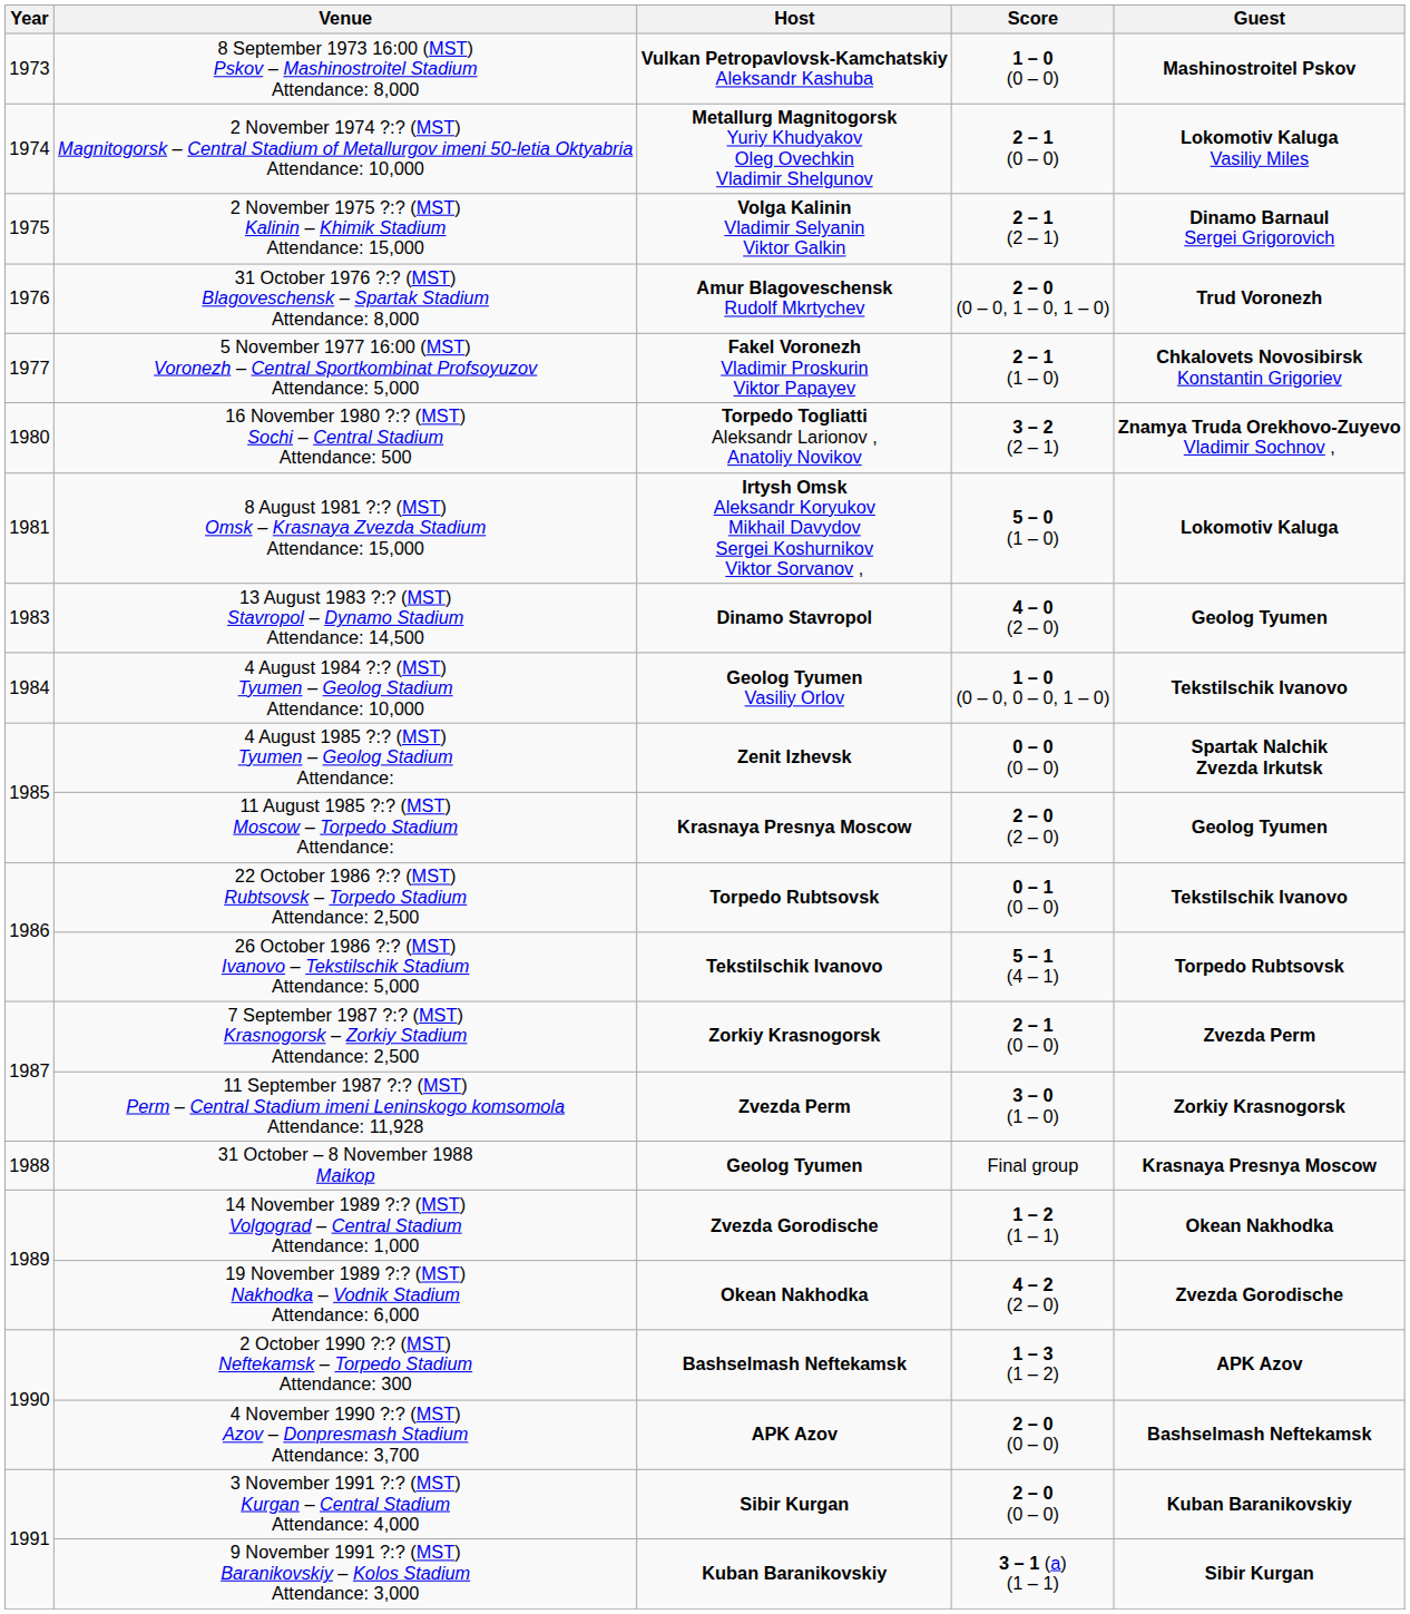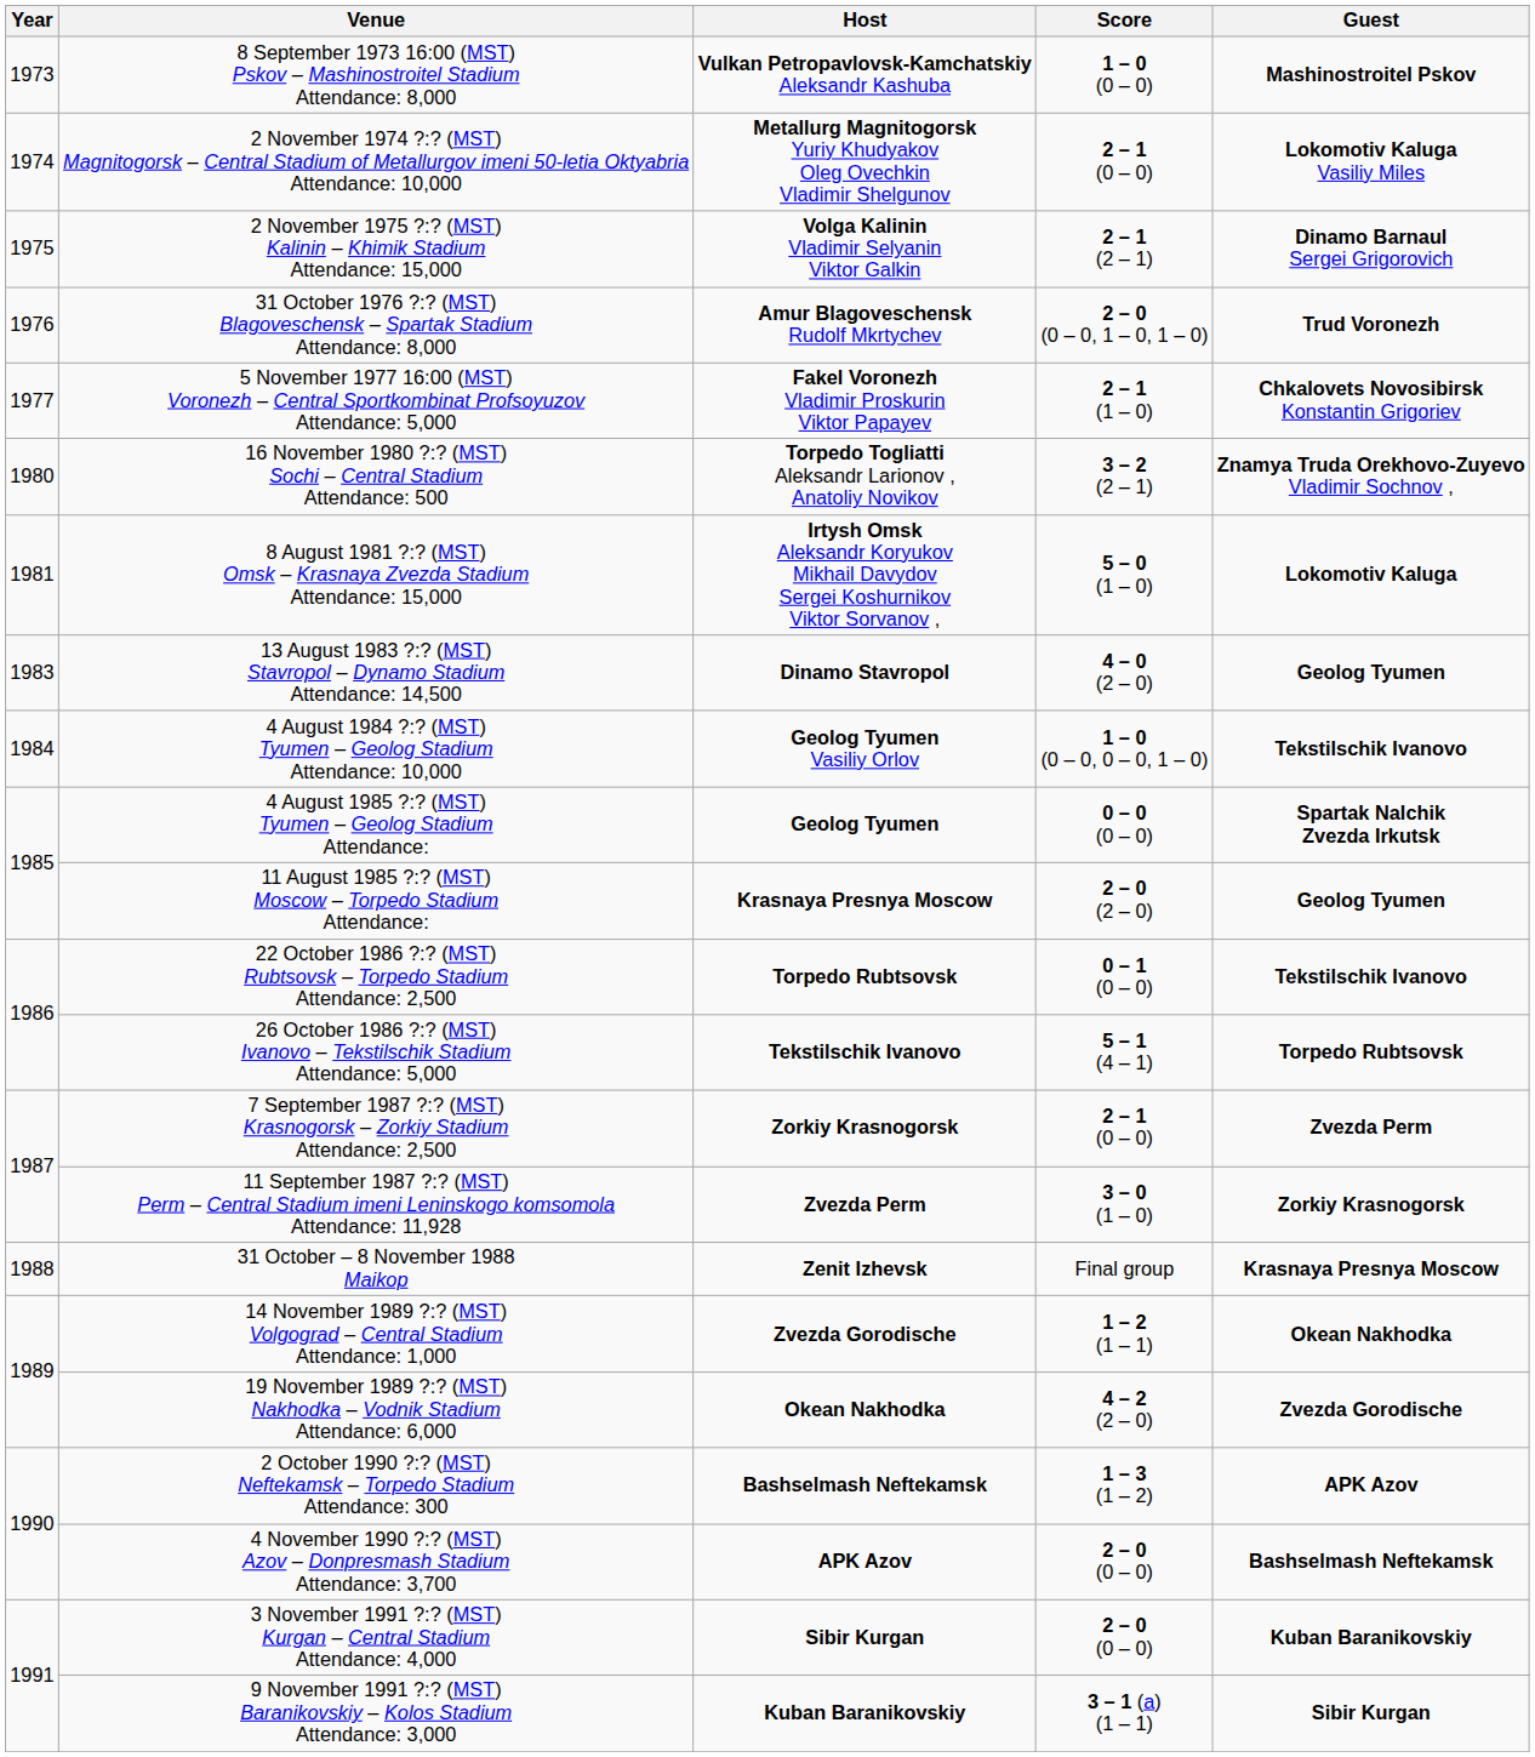 <table class="wikitable" style="text-align: center;">
 <tr>
 <th>Year</th>
 <th>Venue</th>
 <th>Host </th>
 <th>Score</th>
 <th>Guest </th>
 </tr>
 <tr>
 <td>1973</td>
 <td>8 September 1973 16:00 (<a href='#'>MST</a>) <br> <em><a href='#'>Pskov</a> – <a href='#'>Mashinostroitel Stadium</a></em> <br>Attendance: 8,000</td>
 <td><strong>Vulkan Petropavlovsk-Kamchatskiy</strong> <br><a href='#'>Aleksandr Kashuba</a> </td>
 <td><strong>1 – 0</strong><br> (0 – 0)<br></td>
 <td><strong>Mashinostroitel Pskov</strong> <br></td>
 </tr>
 <tr>
 <td>1974</td>
 <td>2 November 1974 ?:? (<a href='#'>MST</a>) <br> <em><a href='#'>Magnitogorsk</a> – <a href='#'>Central Stadium of Metallurgov imeni 50-letia Oktyabria</a></em> <br>Attendance: 10,000</td>
 <td><strong>Metallurg Magnitogorsk</strong> <br><a href='#'>Yuriy Khudyakov</a> <br><a href='#'>Oleg Ovechkin</a> <br><a href='#'>Vladimir Shelgunov</a> </td>
 <td><strong>2 – 1</strong><br> (0 – 0)<br></td>
 <td><strong>Lokomotiv Kaluga</strong> <br><a href='#'>Vasiliy Miles</a> </td>
 </tr>
 <tr>
 <td>1975</td>
 <td>2 November 1975 ?:? (<a href='#'>MST</a>) <br> <em><a href='#'>Kalinin</a> – <a href='#'>Khimik Stadium</a></em> <br>Attendance: 15,000</td>
 <td><strong>Volga Kalinin</strong> <br><a href='#'>Vladimir Selyanin</a> <br><a href='#'>Viktor Galkin</a> </td>
 <td><strong>2 – 1</strong><br> (2 – 1)<br></td>
 <td><strong>Dinamo Barnaul</strong> <br><a href='#'>Sergei Grigorovich</a> </td>
 </tr>
 <tr>
 <td>1976</td>
 <td>31 October 1976 ?:? (<a href='#'>MST</a>) <br> <em><a href='#'>Blagoveschensk</a> – <a href='#'>Spartak Stadium</a></em> <br>Attendance: 8,000</td>
 <td><strong>Amur Blagoveschensk</strong> <br><a href='#'>Rudolf Mkrtychev</a> </td>
 <td><strong>2 – 0</strong> <br> (0 – 0, 1 – 0, 1 – 0)<br></td>
 <td><strong>Trud Voronezh</strong> <br></td>
 </tr>
 <tr>
 <td>1977</td>
 <td>5 November 1977 16:00 (<a href='#'>MST</a>) <br> <em><a href='#'>Voronezh</a> – <a href='#'>Central Sportkombinat Profsoyuzov</a></em> <br>Attendance: 5,000</td>
 <td><strong>Fakel Voronezh</strong> <br><a href='#'>Vladimir Proskurin</a> <br><a href='#'>Viktor Papayev</a> </td>
 <td><strong>2 – 1</strong><br> (1 – 0)<br></td>
 <td><strong>Chkalovets Novosibirsk</strong> <br><a href='#'>Konstantin Grigoriev</a> </td>
 </tr>
 <tr>
 <td>1980</td>
 <td>16 November 1980 ?:? (<a href='#'>MST</a>) <br> <em><a href='#'>Sochi</a> – <a href='#'>Central Stadium</a></em> <br>Attendance: 500</td>
 <td><strong>Torpedo Togliatti</strong> <br>Aleksandr Larionov , <br><a href='#'>Anatoliy Novikov</a> </td>
 <td><strong>3 – 2</strong><br> (2 – 1)<br></td>
 <td><strong>Znamya Truda Orekhovo-Zuyevo</strong> <br><a href='#'>Vladimir Sochnov</a> , </td>
 </tr>
 <tr>
 <td>1981</td>
 <td>8 August 1981 ?:? (<a href='#'>MST</a>) <br> <em><a href='#'>Omsk</a> – <a href='#'>Krasnaya Zvezda Stadium</a></em> <br>Attendance: 15,000</td>
 <td><strong>Irtysh Omsk</strong> <br><a href='#'>Aleksandr Koryukov</a> <br><a href='#'>Mikhail Davydov</a> <br><a href='#'>Sergei Koshurnikov</a> <br><a href='#'>Viktor Sorvanov</a> , </td>
 <td><strong>5 – 0</strong><br> (1 – 0)<br></td>
 <td><strong>Lokomotiv Kaluga</strong> <br></td>
 </tr>
 <tr>
 <td>1983</td>
 <td>13 August 1983 ?:? (<a href='#'>MST</a>) <br> <em><a href='#'>Stavropol</a> – <a href='#'>Dynamo Stadium</a></em> <br>Attendance: 14,500</td>
 <td><strong>Dinamo Stavropol</strong> <br></td>
 <td><strong>4 – 0</strong><br> (2 – 0)<br></td>
 <td><strong>Geolog Tyumen</strong> <br></td>
 </tr>
 <tr>
 <td>1984</td>
 <td>4 August 1984 ?:? (<a href='#'>MST</a>) <br> <em><a href='#'>Tyumen</a> – <a href='#'>Geolog Stadium</a></em> <br>Attendance: 10,000</td>
 <td><strong>Geolog Tyumen</strong> <br><a href='#'>Vasiliy Orlov</a> </td>
 <td><strong>1 – 0</strong> <br> (0 – 0, 0 – 0, 1 – 0)<br></td>
 <td><strong>Tekstilschik Ivanovo</strong> <br></td>
 </tr>
 <tr>
 <td rowspan=2>1985</td>
 <td>4 August 1985 ?:? (<a href='#'>MST</a>) <br> <em><a href='#'>Tyumen</a> – <a href='#'>Geolog Stadium</a></em> <br>Attendance:</td>
-<td><strong>Zenit Izhevsk</strong> <br></td>
+<td><strong>Geolog Tyumen</strong> <br></td>
 <td><strong>0 – 0</strong><br> (0 – 0)<br></td>
 <td><strong>Spartak Nalchik</strong> <br> <strong>Zvezda Irkutsk</strong></td>
 </tr>
 <tr>
 <td>11 August 1985 ?:? (<a href='#'>MST</a>) <br> <em><a href='#'>Moscow</a> – <a href='#'>Torpedo Stadium</a></em> <br>Attendance:</td>
 <td><strong>Krasnaya Presnya Moscow</strong> <br></td>
 <td><strong>2 – 0</strong><br> (2 – 0)<br></td>
 <td><strong>Geolog Tyumen</strong> <br></td>
 </tr>
 <tr>
 <td rowspan=2>1986</td>
 <td>22 October 1986 ?:? (<a href='#'>MST</a>) <br> <em><a href='#'>Rubtsovsk</a> – <a href='#'>Torpedo Stadium</a></em> <br>Attendance: 2,500</td>
 <td><strong>Torpedo Rubtsovsk</strong> <br></td>
 <td><strong>0 – 1</strong><br> (0 – 0)<br></td>
 <td><strong>Tekstilschik Ivanovo</strong> <br></td>
 </tr>
 <tr>
 <td>26 October 1986 ?:? (<a href='#'>MST</a>) <br> <em><a href='#'>Ivanovo</a> – <a href='#'>Tekstilschik Stadium</a></em> <br>Attendance: 5,000</td>
 <td><strong>Tekstilschik Ivanovo</strong> <br></td>
 <td><strong>5 – 1</strong><br> (4 – 1)<br></td>
 <td><strong>Torpedo Rubtsovsk</strong> <br></td>
 </tr>
 <tr>
 <td rowspan=2>1987</td>
 <td>7 September 1987 ?:? (<a href='#'>MST</a>) <br> <em><a href='#'>Krasnogorsk</a> – <a href='#'>Zorkiy Stadium</a></em> <br>Attendance: 2,500</td>
 <td><strong>Zorkiy Krasnogorsk</strong> <br></td>
 <td><strong>2 – 1</strong><br> (0 – 0)<br></td>
 <td><strong>Zvezda Perm</strong> <br></td>
 </tr>
 <tr>
 <td>11 September 1987 ?:? (<a href='#'>MST</a>) <br> <em><a href='#'>Perm</a> – <a href='#'>Central Stadium imeni Leninskogo komsomola</a></em> <br>Attendance: 11,928</td>
 <td><strong>Zvezda Perm</strong> <br></td>
 <td><strong>3 – 0</strong><br> (1 – 0)<br></td>
 <td><strong>Zorkiy Krasnogorsk</strong> <br></td>
 </tr>
 <tr>
 <td>1988</td>
 <td>31 October – 8 November 1988 <br> <em><a href='#'>Maikop</a></em> <br></td>
-<td><strong>Geolog Tyumen</strong> <br></td>
+<td><strong>Zenit Izhevsk</strong> <br></td>
 <td>Final group <br></td>
 <td><strong>Krasnaya Presnya Moscow</strong> <br></td>
 </tr>
 <tr>
 <td rowspan=2>1989</td>
 <td>14 November 1989 ?:? (<a href='#'>MST</a>) <br> <em><a href='#'>Volgograd</a> – <a href='#'>Central Stadium</a></em> <br>Attendance: 1,000</td>
 <td><strong>Zvezda Gorodische</strong> <br></td>
 <td><strong>1 – 2</strong><br> (1 – 1)<br></td>
 <td><strong>Okean Nakhodka</strong> <br></td>
 </tr>
 <tr>
 <td>19 November 1989 ?:? (<a href='#'>MST</a>) <br> <em><a href='#'>Nakhodka</a> – <a href='#'>Vodnik Stadium</a></em> <br>Attendance: 6,000</td>
 <td><strong>Okean Nakhodka</strong> <br></td>
 <td><strong>4 – 2</strong><br> (2 – 0)<br></td>
 <td><strong>Zvezda Gorodische</strong> <br></td>
 </tr>
 <tr>
 <td rowspan=2>1990</td>
 <td>2 October 1990 ?:? (<a href='#'>MST</a>) <br> <em><a href='#'>Neftekamsk</a> – <a href='#'>Torpedo Stadium</a></em> <br>Attendance: 300</td>
 <td><strong>Bashselmash Neftekamsk</strong> <br></td>
 <td><strong>1 – 3</strong><br> (1 – 2)<br></td>
 <td><strong>APK Azov</strong> <br></td>
 </tr>
 <tr>
 <td>4 November 1990 ?:? (<a href='#'>MST</a>) <br> <em><a href='#'>Azov</a> – <a href='#'>Donpresmash Stadium</a></em> <br>Attendance: 3,700</td>
 <td><strong>APK Azov</strong> <br></td>
 <td><strong>2 – 0</strong><br> (0 – 0)<br></td>
 <td><strong>Bashselmash Neftekamsk</strong> <br></td>
 </tr>
 <tr>
 <td rowspan=2>1991</td>
 <td>3 November 1991 ?:? (<a href='#'>MST</a>) <br> <em><a href='#'>Kurgan</a> – <a href='#'>Central Stadium</a></em> <br>Attendance: 4,000</td>
 <td><strong>Sibir Kurgan</strong> <br></td>
 <td><strong>2 – 0</strong><br> (0 – 0)<br></td>
 <td><strong>Kuban Baranikovskiy</strong> <br></td>
 </tr>
 <tr>
 <td>9 November 1991 ?:? (<a href='#'>MST</a>) <br> <em><a href='#'>Baranikovskiy</a> – <a href='#'>Kolos Stadium</a></em> <br>Attendance: 3,000</td>
 <td><strong>Kuban Baranikovskiy</strong> <br></td>
 <td><strong>3 – 1</strong> (<a href='#'>a</a>)<br> (1 – 1)<br></td>
 <td><strong>Sibir Kurgan</strong> <br></td>
 </tr>
 </table>
